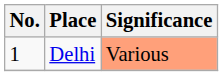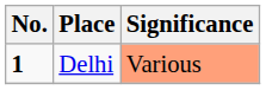 <table class="wikitable sortable">
 <tr>
 <th>No.</th>
 <th>Place</th>
 <th>Significance</th>
 </tr>
 <tr>
-<td>1</td>
+<td><strong>1</strong></td>
 <td><a href='#'>Delhi</a></td>
 <td style="background: lightsalmon;">Various</td>
 </tr>
 <tr>
 </tr>
 </table>
